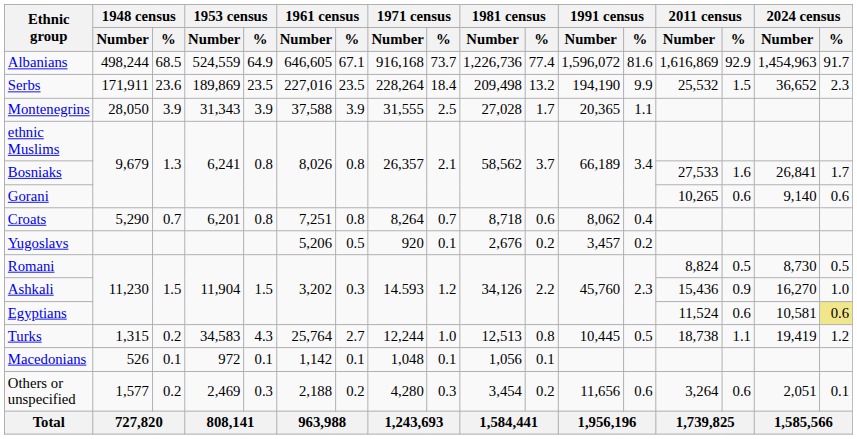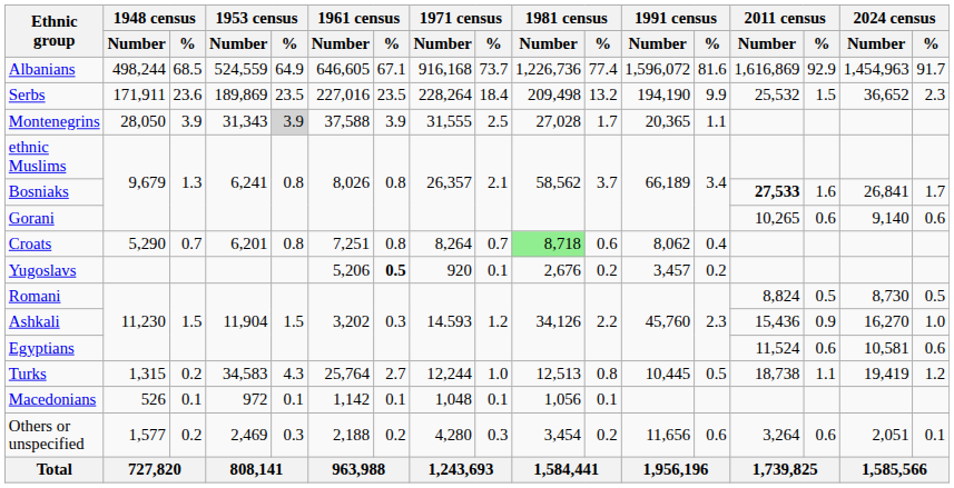 <table class="wikitable">
 <tr>
 <th rowspan="2">Ethnic<br>group</th>
 <th colspan="2">1948 census</th>
 <th colspan="2">1953 census</th>
 <th colspan="2">1961 census</th>
 <th colspan="2">1971 census</th>
 <th colspan="2">1981 census</th>
 <th colspan="2">1991 census</th>
 <th colspan="2">2011 census</th>
 <th colspan="2">2024 census</th>
 </tr>
 <tr bgcolor="#e0e0e0">
 <th>Number</th>
 <th>%</th>
 <th>Number</th>
 <th>%</th>
 <th>Number</th>
 <th>%</th>
 <th>Number</th>
 <th>%</th>
 <th>Number</th>
 <th>%</th>
 <th>Number</th>
 <th>%</th>
 <th>Number</th>
 <th>%</th>
 <th>Number</th>
 <th>%</th>
 </tr>
 <tr>
 <td><a href='#'>Albanians</a></td>
 <td align="right">498,244</td>
 <td align="right">68.5</td>
 <td align="right">524,559</td>
 <td align="right">64.9</td>
 <td align="right">646,605</td>
 <td align="right">67.1</td>
 <td align="right">916,168</td>
 <td align="right">73.7</td>
 <td align="right">1,226,736</td>
 <td align="right">77.4</td>
 <td align="right">1,596,072</td>
 <td align="right">81.6</td>
 <td align="right">1,616,869</td>
 <td align="right">92.9</td>
 <td align="right">1,454,963</td>
 <td align="right">91.7</td>
 </tr>
 <tr>
 <td><a href='#'>Serbs</a></td>
 <td align="right">171,911</td>
 <td align="right">23.6</td>
 <td align="right">189,869</td>
 <td align="right">23.5</td>
 <td align="right">227,016</td>
 <td align="right">23.5</td>
 <td align="right">228,264</td>
 <td align="right">18.4</td>
 <td align="right">209,498</td>
 <td align="right">13.2</td>
 <td align="right">194,190</td>
 <td align="right">9.9</td>
 <td align="right">25,532</td>
 <td align="right">1.5</td>
 <td align="right">36,652</td>
 <td align="right">2.3</td>
 </tr>
 <tr>
 <td><a href='#'>Montenegrins</a></td>
 <td align="right">28,050</td>
 <td align="right">3.9</td>
 <td align="right">31,343</td>
-<td align="right">3.9</td>
+<td align="right" style="background: lightgrey;">3.9</td>
 <td align="right">37,588</td>
 <td align="right">3.9</td>
 <td align="right">31,555</td>
 <td align="right">2.5</td>
 <td align="right">27,028</td>
 <td align="right">1.7</td>
 <td align="right">20,365</td>
 <td align="right">1.1</td>
 <td align="right"></td>
 <td align="right"></td>
 <td align="right"></td>
 <td align="right"></td>
 </tr>
 <tr>
 <td><a href='#'>ethnic Muslims</a></td>
 <td align="right" rowspan="3">9,679</td>
 <td align="right" rowspan="3">1.3</td>
 <td align="right" rowspan="3">6,241</td>
 <td align="right" rowspan="3">0.8</td>
 <td align="right" rowspan="3">8,026</td>
 <td align="right" rowspan="3">0.8</td>
 <td align="right" rowspan="3">26,357</td>
 <td align="right" rowspan="3">2.1</td>
 <td align="right" rowspan="3">58,562</td>
 <td align="right" rowspan="3">3.7</td>
 <td align="right" rowspan="3">66,189</td>
 <td align="right" rowspan="3">3.4</td>
 <td align="right"></td>
 <td align="right"></td>
 <td align="right"></td>
 <td align="right"></td>
 </tr>
 <tr>
 <td><a href='#'>Bosniaks</a></td>
-<td align="right">27,533</td>
+<td align="right"><strong>27,533</strong></td>
 <td align="right">1.6</td>
 <td align="right">26,841</td>
 <td align="right">1.7</td>
 </tr>
 <tr>
 <td><a href='#'>Gorani</a></td>
 <td align="right">10,265</td>
 <td align="right">0.6</td>
 <td align="right">9,140</td>
 <td align="right">0.6</td>
 </tr>
 <tr>
 <td><a href='#'>Croats</a></td>
 <td align="right">5,290</td>
 <td align="right">0.7</td>
 <td align="right">6,201</td>
 <td align="right">0.8</td>
 <td align="right">7,251</td>
 <td align="right">0.8</td>
 <td align="right">8,264</td>
 <td align="right">0.7</td>
-<td align="right">8,718</td>
+<td align="right" style="background: lightgreen;">8,718</td>
 <td align="right">0.6</td>
 <td align="right">8,062</td>
 <td align="right">0.4</td>
 <td align="right"></td>
 <td align="right"></td>
 <td align="right"></td>
 <td align="right"></td>
 </tr>
 <tr>
 <td><a href='#'>Yugoslavs</a></td>
 <td align="right"></td>
 <td align="right"></td>
 <td align="right"></td>
 <td align="right"></td>
 <td align="right">5,206</td>
-<td align="right">0.5</td>
+<td align="right"><strong>0.5</strong></td>
 <td align="right">920</td>
 <td align="right">0.1</td>
 <td align="right">2,676</td>
 <td align="right">0.2</td>
 <td align="right">3,457</td>
 <td align="right">0.2</td>
 <td align="right"></td>
 <td align="right"></td>
 <td align="right"></td>
 <td align="right"></td>
 </tr>
 <tr>
 <td><a href='#'>Romani</a></td>
 <td align="right" rowspan="3">11,230</td>
 <td align="right" rowspan="3">1.5</td>
 <td align="right" rowspan="3">11,904</td>
 <td align="right" rowspan="3">1.5</td>
 <td align="right" rowspan="3">3,202</td>
 <td align="right" rowspan="3">0.3</td>
 <td align="right" rowspan="3">14.593</td>
 <td align="right" rowspan="3">1.2</td>
 <td align="right" rowspan="3">34,126</td>
 <td align="right" rowspan="3">2.2</td>
 <td align="right" rowspan="3">45,760</td>
 <td align="right" rowspan="3">2.3</td>
 <td align="right">8,824</td>
 <td align="right">0.5</td>
 <td align="right">8,730</td>
 <td align="right">0.5</td>
 </tr>
 <tr>
 <td><a href='#'>Ashkali</a></td>
 <td align="right">15,436</td>
 <td align="right">0.9</td>
 <td align="right">16,270</td>
 <td align="right">1.0</td>
 </tr>
 <tr>
 <td><a href='#'>Egyptians</a></td>
 <td align="right">11,524</td>
 <td align="right">0.6</td>
 <td align="right">10,581</td>
-<td align="right" style="background: khaki;">0.6</td>
+<td align="right">0.6</td>
 </tr>
 <tr>
 <td><a href='#'>Turks</a></td>
 <td align="right">1,315</td>
 <td align="right">0.2</td>
 <td align="right">34,583</td>
 <td align="right">4.3</td>
 <td align="right">25,764</td>
 <td align="right">2.7</td>
 <td align="right">12,244</td>
 <td align="right">1.0</td>
 <td align="right">12,513</td>
 <td align="right">0.8</td>
 <td align="right">10,445</td>
 <td align="right">0.5</td>
 <td align="right">18,738</td>
 <td align="right">1.1</td>
 <td align="right">19,419</td>
 <td align="right">1.2</td>
 </tr>
 <tr>
 <td><a href='#'>Macedonians</a></td>
 <td align="right">526</td>
 <td align="right">0.1</td>
 <td align="right">972</td>
 <td align="right">0.1</td>
 <td align="right">1,142</td>
 <td align="right">0.1</td>
 <td align="right">1,048</td>
 <td align="right">0.1</td>
 <td align="right">1,056</td>
 <td align="right">0.1</td>
 <td align="right"></td>
 <td align="right"></td>
 <td align="right"></td>
 <td align="right"></td>
 <td align="right"></td>
 <td align="right"></td>
 </tr>
 <tr>
 <td>Others or unspecified</td>
 <td align="right">1,577</td>
 <td align="right">0.2</td>
 <td align="right">2,469</td>
 <td align="right">0.3</td>
 <td align="right">2,188</td>
 <td align="right">0.2</td>
 <td align="right">4,280</td>
 <td align="right">0.3</td>
 <td align="right">3,454</td>
 <td align="right">0.2</td>
 <td align="right">11,656</td>
 <td align="right">0.6</td>
 <td align="right">3,264</td>
 <td align="right">0.6</td>
 <td align="right">2,051</td>
 <td align="right">0.1</td>
 </tr>
 <tr bgcolor="#e0e0e0">
 <th align="left">Total</th>
 <th colspan="2">727,820</th>
 <th colspan="2">808,141</th>
 <th colspan="2">963,988</th>
 <th colspan="2">1,243,693</th>
 <th colspan="2">1,584,441</th>
 <th colspan="2">1,956,196</th>
 <th colspan="2">1,739,825</th>
 <th colspan="2">1,585,566</th>
 </tr>
 </table>
